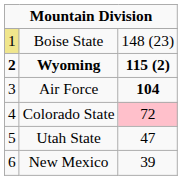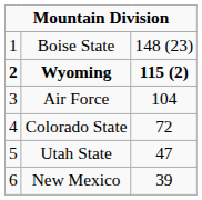 <table class="wikitable">
 <tr align="center">
 <td align="center" Colspan="3"><strong>Mountain Division</strong></td>
 </tr>
 <tr align="center">
 </tr>
 <tr align="center">
-<td style="background: khaki;">1</td>
+<td>1</td>
 <td>Boise State</td>
 <td>148 (23)</td>
 </tr>
 <tr align="center">
 <td><strong>2</strong></td>
 <td><strong>Wyoming</strong></td>
 <td><strong>115 (2)</strong></td>
 </tr>
 <tr align="center">
 <td>3</td>
 <td>Air Force</td>
-<td><strong>104</strong></td>
+<td>104</td>
 </tr>
 <tr align="center">
 <td>4</td>
 <td>Colorado State</td>
-<td style="background: pink;">72</td>
+<td>72</td>
 </tr>
 <tr align="center">
 <td>5</td>
 <td>Utah State</td>
 <td>47</td>
 </tr>
 <tr align="center">
 <td>6</td>
 <td>New Mexico</td>
 <td>39</td>
 </tr>
 </table>
